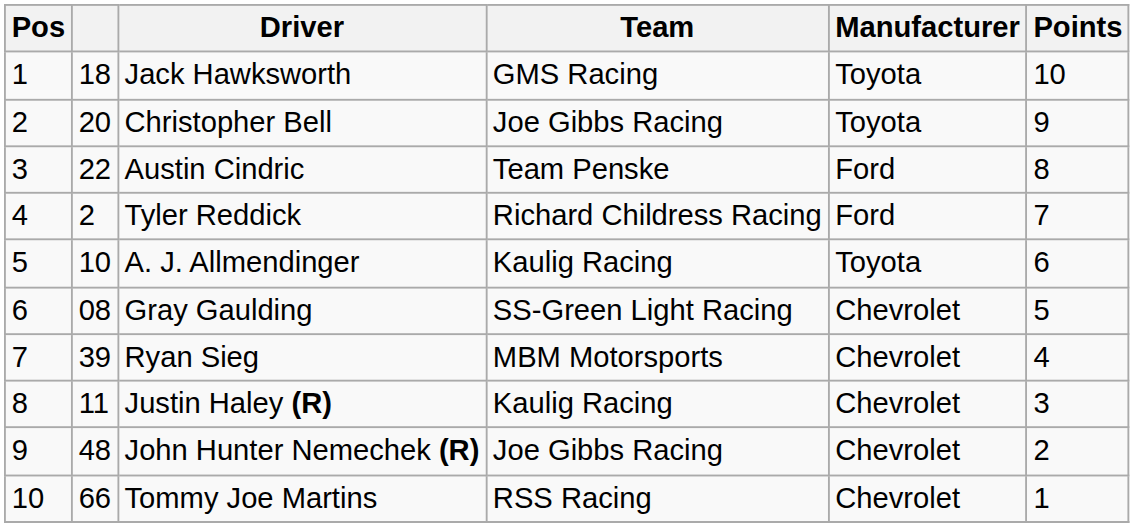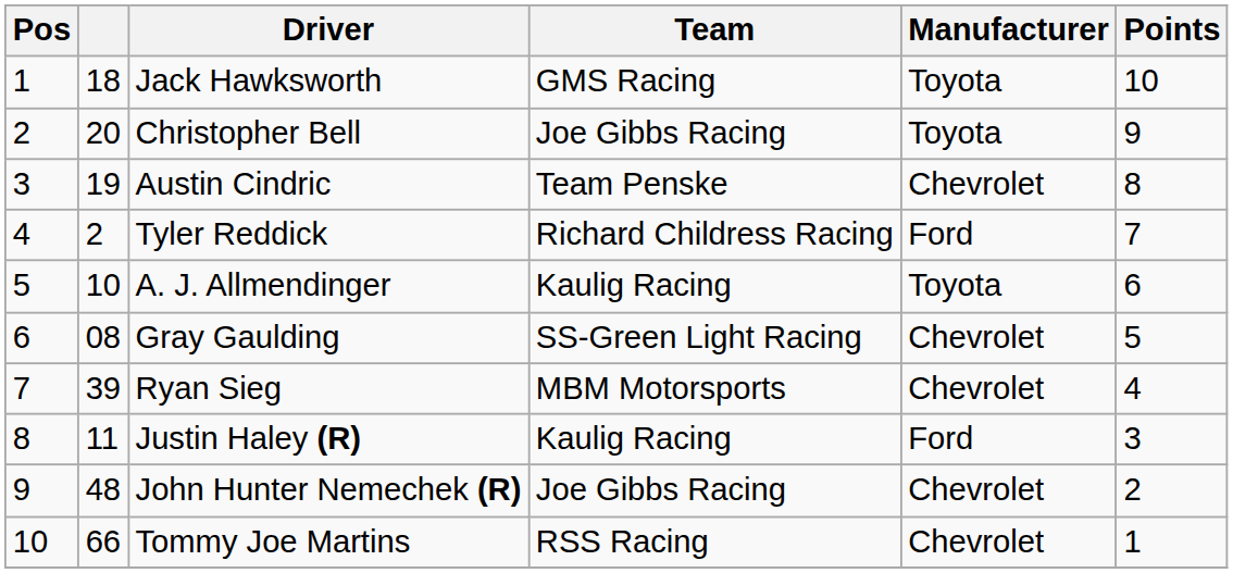 <table class="wikitable" style="font-size:98%">
 <tr>
 <th>Pos</th>
 <th></th>
 <th>Driver</th>
 <th>Team</th>
 <th>Manufacturer</th>
 <th>Points</th>
 </tr>
 <tr>
 <td>1</td>
 <td>18</td>
 <td>Jack Hawksworth</td>
 <td>GMS Racing</td>
 <td>Toyota</td>
 <td>10</td>
 </tr>
 <tr>
 <td>2</td>
 <td>20</td>
 <td>Christopher Bell</td>
 <td>Joe Gibbs Racing</td>
 <td>Toyota</td>
 <td>9</td>
 </tr>
 <tr>
 <td>3</td>
-<td>22</td>
+<td>19</td>
 <td>Austin Cindric</td>
 <td>Team Penske</td>
-<td>Ford</td>
+<td>Chevrolet</td>
 <td>8</td>
 </tr>
 <tr>
 <td>4</td>
 <td>2</td>
 <td>Tyler Reddick</td>
 <td>Richard Childress Racing</td>
 <td>Ford</td>
 <td>7</td>
 </tr>
 <tr>
 <td>5</td>
 <td>10</td>
 <td>A. J. Allmendinger</td>
 <td>Kaulig Racing</td>
 <td>Toyota</td>
 <td>6</td>
 </tr>
 <tr>
 <td>6</td>
 <td>08</td>
 <td>Gray Gaulding</td>
 <td>SS-Green Light Racing</td>
 <td>Chevrolet</td>
 <td>5</td>
 </tr>
 <tr>
 <td>7</td>
 <td>39</td>
 <td>Ryan Sieg</td>
 <td>MBM Motorsports</td>
 <td>Chevrolet</td>
 <td>4</td>
 </tr>
 <tr>
 <td>8</td>
 <td>11</td>
 <td>Justin Haley <strong>(R)</strong></td>
 <td>Kaulig Racing</td>
-<td>Chevrolet</td>
+<td>Ford</td>
 <td>3</td>
 </tr>
 <tr>
 <td>9</td>
 <td>48</td>
 <td>John Hunter Nemechek <strong>(R)</strong></td>
 <td>Joe Gibbs Racing</td>
 <td>Chevrolet</td>
 <td>2</td>
 </tr>
 <tr>
 <td>10</td>
 <td>66</td>
 <td>Tommy Joe Martins</td>
 <td>RSS Racing</td>
 <td>Chevrolet</td>
 <td>1</td>
 </tr>
 <tr>
 </tr>
 </table>
